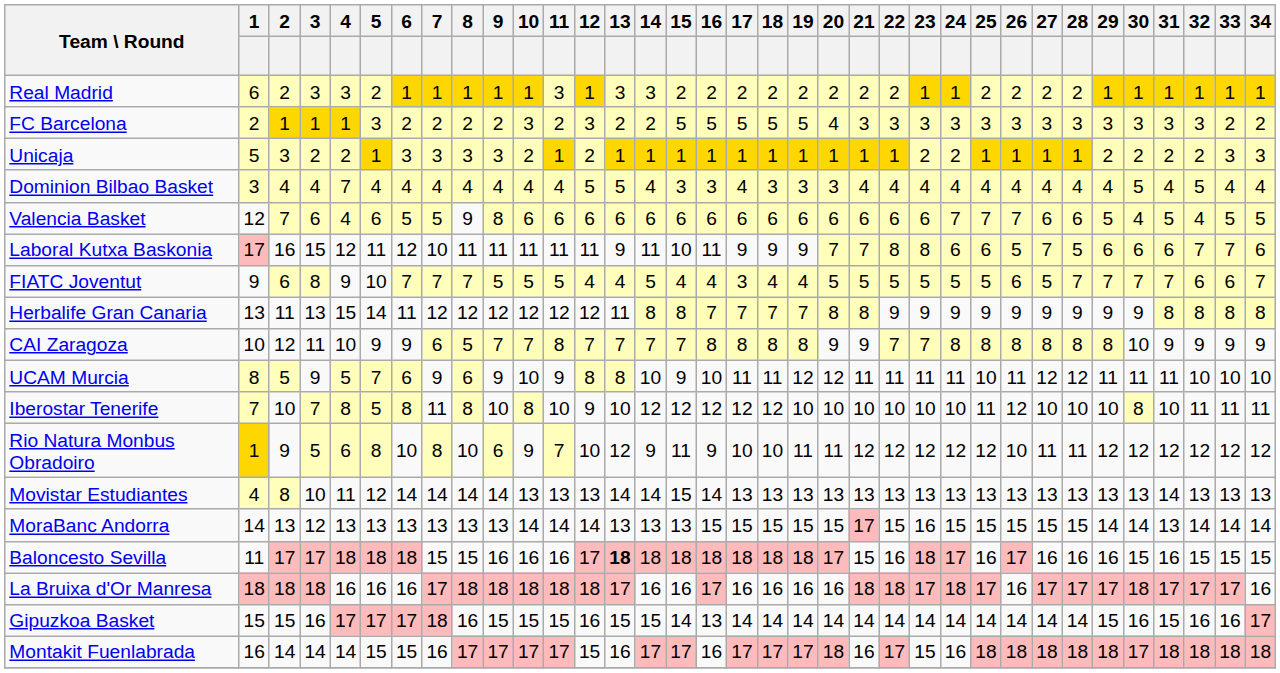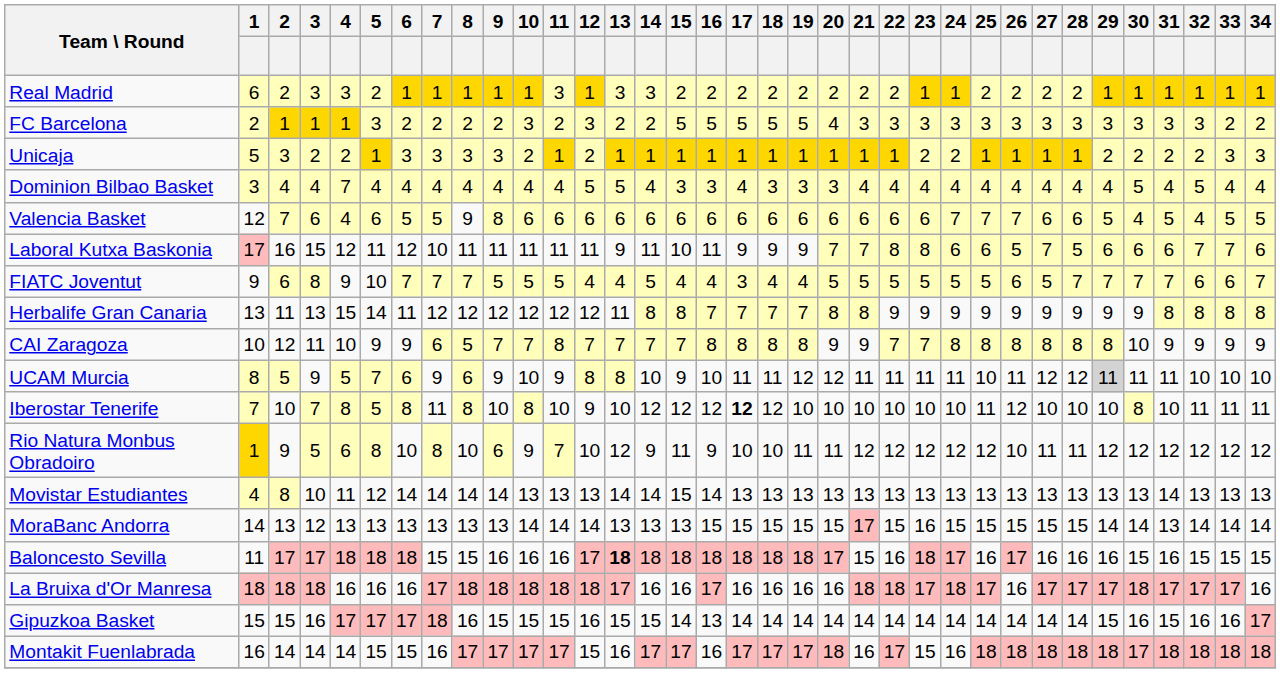 <table class="wikitable sortable" style="font-size: 80%; text-align:center;">
 <tr>
 <th rowspan="2" style="width:150px;">Team \ Round</th>
 <th align=center>1</th>
 <th align=center>2</th>
 <th align=center>3</th>
 <th align=center>4</th>
 <th align=center>5</th>
 <th align=center>6</th>
 <th align=center>7</th>
 <th align=center>8</th>
 <th align=center>9</th>
 <th align=center>10</th>
 <th align=center>11</th>
 <th align=center>12</th>
 <th align=center>13</th>
 <th align=center>14</th>
 <th align=center>15</th>
 <th align=center>16</th>
 <th align=center>17</th>
 <th align=center>18</th>
 <th align=center>19</th>
 <th align=center>20</th>
 <th align=center>21</th>
 <th align=center>22</th>
 <th align=center>23</th>
 <th align=center>24</th>
 <th align=center>25</th>
 <th align=center>26</th>
 <th align=center>27</th>
 <th align=center>28</th>
 <th align=center>29</th>
 <th align=center>30</th>
 <th align=center>31</th>
 <th align=center>32</th>
 <th align=center>33</th>
 <th align=center>34</th>
 </tr>
 <tr>
 <th style="text-align:center; height:20px;"></th>
 <th align=center></th>
 <th align=center></th>
 <th align=center></th>
 <th align=center></th>
 <th align=center></th>
 <th align=center></th>
 <th align=center></th>
 <th align=center></th>
 <th align=center></th>
 <th align=center></th>
 <th align=center></th>
 <th align=center></th>
 <th align=center></th>
 <th align=center></th>
 <th align=center></th>
 <th align=center></th>
 <th align=center></th>
 <th align=center></th>
 <th align=center></th>
 <th align=center></th>
 <th align=center></th>
 <th align=center></th>
 <th align=center></th>
 <th align=center></th>
 <th align=center></th>
 <th align=center></th>
 <th align=center></th>
 <th align=center></th>
 <th align=center></th>
 <th align=center></th>
 <th align=center></th>
 <th align=center></th>
 <th align=center></th>
 </tr>
 <tr>
 <td align=left><a href='#'>Real Madrid</a></td>
 <td style="background:#FFFFBB">6</td>
 <td style="background:#FFFFBB">2</td>
 <td style="background:#FFFFBB">3</td>
 <td style="background:#FFFFBB">3</td>
 <td style="background:#FFFFBB">2</td>
 <td style="background:gold">1</td>
 <td style="background:gold">1</td>
 <td style="background:gold">1</td>
 <td style="background:gold">1</td>
 <td style="background:gold">1</td>
 <td style="background:#FFFFBB">3</td>
 <td style="background:gold">1</td>
 <td style="background:#FFFFBB">3</td>
 <td style="background:#FFFFBB">3</td>
 <td style="background:#FFFFBB">2</td>
 <td style="background:#FFFFBB">2</td>
 <td style="background:#FFFFBB">2</td>
 <td style="background:#FFFFBB">2</td>
 <td style="background:#FFFFBB">2</td>
 <td style="background:#FFFFBB">2</td>
 <td style="background:#FFFFBB">2</td>
 <td style="background:#FFFFBB">2</td>
 <td style="background:gold">1</td>
 <td style="background:gold">1</td>
 <td style="background:#FFFFBB">2</td>
 <td style="background:#FFFFBB">2</td>
 <td style="background:#FFFFBB">2</td>
 <td style="background:#FFFFBB">2</td>
 <td style="background:gold">1</td>
 <td style="background:gold">1</td>
 <td style="background:gold">1</td>
 <td style="background:gold">1</td>
 <td style="background:gold">1</td>
 <td style="background:gold">1</td>
 </tr>
 <tr>
 <td align=left><a href='#'>FC Barcelona</a></td>
 <td style="background:#FFFFBB">2</td>
 <td style="background:gold">1</td>
 <td style="background:gold">1</td>
 <td style="background:gold">1</td>
 <td style="background:#FFFFBB">3</td>
 <td style="background:#FFFFBB">2</td>
 <td style="background:#FFFFBB">2</td>
 <td style="background:#FFFFBB">2</td>
 <td style="background:#FFFFBB">2</td>
 <td style="background:#FFFFBB">3</td>
 <td style="background:#FFFFBB">2</td>
 <td style="background:#FFFFBB">3</td>
 <td style="background:#FFFFBB">2</td>
 <td style="background:#FFFFBB">2</td>
 <td style="background:#FFFFBB">5</td>
 <td style="background:#FFFFBB">5</td>
 <td style="background:#FFFFBB">5</td>
 <td style="background:#FFFFBB">5</td>
 <td style="background:#FFFFBB">5</td>
 <td style="background:#FFFFBB">4</td>
 <td style="background:#FFFFBB">3</td>
 <td style="background:#FFFFBB">3</td>
 <td style="background:#FFFFBB">3</td>
 <td style="background:#FFFFBB">3</td>
 <td style="background:#FFFFBB">3</td>
 <td style="background:#FFFFBB">3</td>
 <td style="background:#FFFFBB">3</td>
 <td style="background:#FFFFBB">3</td>
 <td style="background:#FFFFBB">3</td>
 <td style="background:#FFFFBB">3</td>
 <td style="background:#FFFFBB">3</td>
 <td style="background:#FFFFBB">3</td>
 <td style="background:#FFFFBB">2</td>
 <td style="background:#FFFFBB">2</td>
 </tr>
 <tr>
 <td align=left><a href='#'>Unicaja</a></td>
 <td style="background:#FFFFBB">5</td>
 <td style="background:#FFFFBB">3</td>
 <td style="background:#FFFFBB">2</td>
 <td style="background:#FFFFBB">2</td>
 <td style="background:gold">1</td>
 <td style="background:#FFFFBB">3</td>
 <td style="background:#FFFFBB">3</td>
 <td style="background:#FFFFBB">3</td>
 <td style="background:#FFFFBB">3</td>
 <td style="background:#FFFFBB">2</td>
 <td style="background:gold">1</td>
 <td style="background:#FFFFBB">2</td>
 <td style="background:gold">1</td>
 <td style="background:gold">1</td>
 <td style="background:gold">1</td>
 <td style="background:gold">1</td>
 <td style="background:gold">1</td>
 <td style="background:gold">1</td>
 <td style="background:gold">1</td>
 <td style="background:gold">1</td>
 <td style="background:gold">1</td>
 <td style="background:gold">1</td>
 <td style="background:#FFFFBB">2</td>
 <td style="background:#FFFFBB">2</td>
 <td style="background:gold">1</td>
 <td style="background:gold">1</td>
 <td style="background:gold">1</td>
 <td style="background:gold">1</td>
 <td style="background:#FFFFBB">2</td>
 <td style="background:#FFFFBB">2</td>
 <td style="background:#FFFFBB">2</td>
 <td style="background:#FFFFBB">2</td>
 <td style="background:#FFFFBB">3</td>
 <td style="background:#FFFFBB">3</td>
 </tr>
 <tr>
 <td align=left><a href='#'>Dominion Bilbao Basket</a></td>
 <td style="background:#FFFFBB">3</td>
 <td style="background:#FFFFBB">4</td>
 <td style="background:#FFFFBB">4</td>
 <td style="background:#FFFFBB">7</td>
 <td style="background:#FFFFBB">4</td>
 <td style="background:#FFFFBB">4</td>
 <td style="background:#FFFFBB">4</td>
 <td style="background:#FFFFBB">4</td>
 <td style="background:#FFFFBB">4</td>
 <td style="background:#FFFFBB">4</td>
 <td style="background:#FFFFBB">4</td>
 <td style="background:#FFFFBB">5</td>
 <td style="background:#FFFFBB">5</td>
 <td style="background:#FFFFBB">4</td>
 <td style="background:#FFFFBB">3</td>
 <td style="background:#FFFFBB">3</td>
 <td style="background:#FFFFBB">4</td>
 <td style="background:#FFFFBB">3</td>
 <td style="background:#FFFFBB">3</td>
 <td style="background:#FFFFBB">3</td>
 <td style="background:#FFFFBB">4</td>
 <td style="background:#FFFFBB">4</td>
 <td style="background:#FFFFBB">4</td>
 <td style="background:#FFFFBB">4</td>
 <td style="background:#FFFFBB">4</td>
 <td style="background:#FFFFBB">4</td>
 <td style="background:#FFFFBB">4</td>
 <td style="background:#FFFFBB">4</td>
 <td style="background:#FFFFBB">4</td>
 <td style="background:#FFFFBB">5</td>
 <td style="background:#FFFFBB">4</td>
 <td style="background:#FFFFBB">5</td>
 <td style="background:#FFFFBB">4</td>
 <td style="background:#FFFFBB">4</td>
 </tr>
 <tr>
 <td align=left><a href='#'>Valencia Basket</a></td>
 <td>12</td>
 <td style="background:#FFFFBB">7</td>
 <td style="background:#FFFFBB">6</td>
 <td style="background:#FFFFBB">4</td>
 <td style="background:#FFFFBB">6</td>
 <td style="background:#FFFFBB">5</td>
 <td style="background:#FFFFBB">5</td>
 <td>9</td>
 <td style="background:#FFFFBB">8</td>
 <td style="background:#FFFFBB">6</td>
 <td style="background:#FFFFBB">6</td>
 <td style="background:#FFFFBB">6</td>
 <td style="background:#FFFFBB">6</td>
 <td style="background:#FFFFBB">6</td>
 <td style="background:#FFFFBB">6</td>
 <td style="background:#FFFFBB">6</td>
 <td style="background:#FFFFBB">6</td>
 <td style="background:#FFFFBB">6</td>
 <td style="background:#FFFFBB">6</td>
 <td style="background:#FFFFBB">6</td>
 <td style="background:#FFFFBB">6</td>
 <td style="background:#FFFFBB">6</td>
 <td style="background:#FFFFBB">6</td>
 <td style="background:#FFFFBB">7</td>
 <td style="background:#FFFFBB">7</td>
 <td style="background:#FFFFBB">7</td>
 <td style="background:#FFFFBB">6</td>
 <td style="background:#FFFFBB">6</td>
 <td style="background:#FFFFBB">5</td>
 <td style="background:#FFFFBB">4</td>
 <td style="background:#FFFFBB">5</td>
 <td style="background:#FFFFBB">4</td>
 <td style="background:#FFFFBB">5</td>
 <td style="background:#FFFFBB">5</td>
 </tr>
 <tr>
 <td align=left><a href='#'>Laboral Kutxa Baskonia</a></td>
 <td style="background:#FFBBBB">17</td>
 <td>16</td>
 <td>15</td>
 <td>12</td>
 <td>11</td>
 <td>12</td>
 <td>10</td>
 <td>11</td>
 <td>11</td>
 <td>11</td>
 <td>11</td>
 <td>11</td>
 <td>9</td>
 <td>11</td>
 <td>10</td>
 <td>11</td>
 <td>9</td>
 <td>9</td>
 <td>9</td>
 <td style="background:#FFFFBB">7</td>
 <td style="background:#FFFFBB">7</td>
 <td style="background:#FFFFBB">8</td>
 <td style="background:#FFFFBB">8</td>
 <td style="background:#FFFFBB">6</td>
 <td style="background:#FFFFBB">6</td>
 <td style="background:#FFFFBB">5</td>
 <td style="background:#FFFFBB">7</td>
 <td style="background:#FFFFBB">5</td>
 <td style="background:#FFFFBB">6</td>
 <td style="background:#FFFFBB">6</td>
 <td style="background:#FFFFBB">6</td>
 <td style="background:#FFFFBB">7</td>
 <td style="background:#FFFFBB">7</td>
 <td style="background:#FFFFBB">6</td>
 </tr>
 <tr>
 <td align=left><a href='#'>FIATC Joventut</a></td>
 <td>9</td>
 <td style="background:#FFFFBB">6</td>
 <td style="background:#FFFFBB">8</td>
 <td>9</td>
 <td>10</td>
 <td style="background:#FFFFBB">7</td>
 <td style="background:#FFFFBB">7</td>
 <td style="background:#FFFFBB">7</td>
 <td style="background:#FFFFBB">5</td>
 <td style="background:#FFFFBB">5</td>
 <td style="background:#FFFFBB">5</td>
 <td style="background:#FFFFBB">4</td>
 <td style="background:#FFFFBB">4</td>
 <td style="background:#FFFFBB">5</td>
 <td style="background:#FFFFBB">4</td>
 <td style="background:#FFFFBB">4</td>
 <td style="background:#FFFFBB">3</td>
 <td style="background:#FFFFBB">4</td>
 <td style="background:#FFFFBB">4</td>
 <td style="background:#FFFFBB">5</td>
 <td style="background:#FFFFBB">5</td>
 <td style="background:#FFFFBB">5</td>
 <td style="background:#FFFFBB">5</td>
 <td style="background:#FFFFBB">5</td>
 <td style="background:#FFFFBB">5</td>
 <td style="background:#FFFFBB">6</td>
 <td style="background:#FFFFBB">5</td>
 <td style="background:#FFFFBB">7</td>
 <td style="background:#FFFFBB">7</td>
 <td style="background:#FFFFBB">7</td>
 <td style="background:#FFFFBB">7</td>
 <td style="background:#FFFFBB">6</td>
 <td style="background:#FFFFBB">6</td>
 <td style="background:#FFFFBB">7</td>
 </tr>
 <tr>
 <td align=left><a href='#'>Herbalife Gran Canaria</a></td>
 <td>13</td>
 <td>11</td>
 <td>13</td>
 <td>15</td>
 <td>14</td>
 <td>11</td>
 <td>12</td>
 <td>12</td>
 <td>12</td>
 <td>12</td>
 <td>12</td>
 <td>12</td>
 <td>11</td>
 <td style="background:#FFFFBB">8</td>
 <td style="background:#FFFFBB">8</td>
 <td style="background:#FFFFBB">7</td>
 <td style="background:#FFFFBB">7</td>
 <td style="background:#FFFFBB">7</td>
 <td style="background:#FFFFBB">7</td>
 <td style="background:#FFFFBB">8</td>
 <td style="background:#FFFFBB">8</td>
 <td>9</td>
 <td>9</td>
 <td>9</td>
 <td>9</td>
 <td>9</td>
 <td>9</td>
 <td>9</td>
 <td>9</td>
 <td>9</td>
 <td style="background:#FFFFBB">8</td>
 <td style="background:#FFFFBB">8</td>
 <td style="background:#FFFFBB">8</td>
 <td style="background:#FFFFBB">8</td>
 </tr>
 <tr>
 <td align=left><a href='#'>CAI Zaragoza</a></td>
 <td>10</td>
 <td>12</td>
 <td>11</td>
 <td>10</td>
 <td>9</td>
 <td>9</td>
 <td style="background:#FFFFBB">6</td>
 <td style="background:#FFFFBB">5</td>
 <td style="background:#FFFFBB">7</td>
 <td style="background:#FFFFBB">7</td>
 <td style="background:#FFFFBB">8</td>
 <td style="background:#FFFFBB">7</td>
 <td style="background:#FFFFBB">7</td>
 <td style="background:#FFFFBB">7</td>
 <td style="background:#FFFFBB">7</td>
 <td style="background:#FFFFBB">8</td>
 <td style="background:#FFFFBB">8</td>
 <td style="background:#FFFFBB">8</td>
 <td style="background:#FFFFBB">8</td>
 <td>9</td>
 <td>9</td>
 <td style="background:#FFFFBB">7</td>
 <td style="background:#FFFFBB">7</td>
 <td style="background:#FFFFBB">8</td>
 <td style="background:#FFFFBB">8</td>
 <td style="background:#FFFFBB">8</td>
 <td style="background:#FFFFBB">8</td>
 <td style="background:#FFFFBB">8</td>
 <td style="background:#FFFFBB">8</td>
 <td>10</td>
 <td>9</td>
 <td>9</td>
 <td>9</td>
 <td>9</td>
 </tr>
 <tr>
 <td align=left><a href='#'>UCAM Murcia</a></td>
 <td style="background:#FFFFBB">8</td>
 <td style="background:#FFFFBB">5</td>
 <td>9</td>
 <td style="background:#FFFFBB">5</td>
 <td style="background:#FFFFBB">7</td>
 <td style="background:#FFFFBB">6</td>
 <td>9</td>
 <td style="background:#FFFFBB">6</td>
 <td>9</td>
 <td>10</td>
 <td>9</td>
 <td style="background:#FFFFBB">8</td>
 <td style="background:#FFFFBB">8</td>
 <td>10</td>
 <td>9</td>
 <td>10</td>
 <td>11</td>
 <td>11</td>
 <td>12</td>
 <td>12</td>
 <td>11</td>
 <td>11</td>
 <td>11</td>
 <td>11</td>
 <td>10</td>
 <td>11</td>
 <td>12</td>
 <td>12</td>
-<td>11</td>
+<td style="background: lightgrey;">11</td>
 <td>11</td>
 <td>11</td>
 <td>10</td>
 <td>10</td>
 <td>10</td>
 </tr>
 <tr>
 <td align=left><a href='#'>Iberostar Tenerife</a></td>
 <td style="background:#FFFFBB">7</td>
 <td>10</td>
 <td style="background:#FFFFBB">7</td>
 <td style="background:#FFFFBB">8</td>
 <td style="background:#FFFFBB">5</td>
 <td style="background:#FFFFBB">8</td>
 <td>11</td>
 <td style="background:#FFFFBB">8</td>
 <td>10</td>
 <td style="background:#FFFFBB">8</td>
 <td>10</td>
 <td>9</td>
 <td>10</td>
 <td>12</td>
 <td>12</td>
 <td>12</td>
-<td>12</td>
+<td><strong>12</strong></td>
 <td>12</td>
 <td>10</td>
 <td>10</td>
 <td>10</td>
 <td>10</td>
 <td>10</td>
 <td>10</td>
 <td>11</td>
 <td>12</td>
 <td>10</td>
 <td>10</td>
 <td>10</td>
 <td style="background:#FFFFBB">8</td>
 <td>10</td>
 <td>11</td>
 <td>11</td>
 <td>11</td>
 </tr>
 <tr>
 <td align=left><a href='#'>Rio Natura Monbus Obradoiro</a></td>
 <td style="background:gold">1</td>
 <td>9</td>
 <td style="background:#FFFFBB">5</td>
 <td style="background:#FFFFBB">6</td>
 <td style="background:#FFFFBB">8</td>
 <td>10</td>
 <td style="background:#FFFFBB">8</td>
 <td>10</td>
 <td style="background:#FFFFBB">6</td>
 <td>9</td>
 <td style="background:#FFFFBB">7</td>
 <td>10</td>
 <td>12</td>
 <td>9</td>
 <td>11</td>
 <td>9</td>
 <td>10</td>
 <td>10</td>
 <td>11</td>
 <td>11</td>
 <td>12</td>
 <td>12</td>
 <td>12</td>
 <td>12</td>
 <td>12</td>
 <td>10</td>
 <td>11</td>
 <td>11</td>
 <td>12</td>
 <td>12</td>
 <td>12</td>
 <td>12</td>
 <td>12</td>
 <td>12</td>
 </tr>
 <tr>
 <td align=left><a href='#'>Movistar Estudiantes</a></td>
 <td style="background:#FFFFBB">4</td>
 <td style="background:#FFFFBB">8</td>
 <td>10</td>
 <td>11</td>
 <td>12</td>
 <td>14</td>
 <td>14</td>
 <td>14</td>
 <td>14</td>
 <td>13</td>
 <td>13</td>
 <td>13</td>
 <td>14</td>
 <td>14</td>
 <td>15</td>
 <td>14</td>
 <td>13</td>
 <td>13</td>
 <td>13</td>
 <td>13</td>
 <td>13</td>
 <td>13</td>
 <td>13</td>
 <td>13</td>
 <td>13</td>
 <td>13</td>
 <td>13</td>
 <td>13</td>
 <td>13</td>
 <td>13</td>
 <td>14</td>
 <td>13</td>
 <td>13</td>
 <td>13</td>
 </tr>
 <tr>
 <td align=left><a href='#'>MoraBanc Andorra</a></td>
 <td>14</td>
 <td>13</td>
 <td>12</td>
 <td>13</td>
 <td>13</td>
 <td>13</td>
 <td>13</td>
 <td>13</td>
 <td>13</td>
 <td>14</td>
 <td>14</td>
 <td>14</td>
 <td>13</td>
 <td>13</td>
 <td>13</td>
 <td>15</td>
 <td>15</td>
 <td>15</td>
 <td>15</td>
 <td>15</td>
 <td style="background:#FFBBBB">17</td>
 <td>15</td>
 <td>16</td>
 <td>15</td>
 <td>15</td>
 <td>15</td>
 <td>15</td>
 <td>15</td>
 <td>14</td>
 <td>14</td>
 <td>13</td>
 <td>14</td>
 <td>14</td>
 <td>14</td>
 </tr>
 <tr>
 <td align=left><a href='#'>Baloncesto Sevilla</a></td>
 <td>11</td>
 <td style="background:#FFBBBB">17</td>
 <td style="background:#FFBBBB">17</td>
 <td style="background:#FFBBBB">18</td>
 <td style="background:#FFBBBB">18</td>
 <td style="background:#FFBBBB">18</td>
 <td>15</td>
 <td>15</td>
 <td>16</td>
 <td>16</td>
 <td>16</td>
 <td style="background:#FFBBBB">17</td>
 <td style="background:#FFBBBB"><strong>18</strong></td>
 <td style="background:#FFBBBB">18</td>
 <td style="background:#FFBBBB">18</td>
 <td style="background:#FFBBBB">18</td>
 <td style="background:#FFBBBB">18</td>
 <td style="background:#FFBBBB">18</td>
 <td style="background:#FFBBBB">18</td>
 <td style="background:#FFBBBB">17</td>
 <td>15</td>
 <td>16</td>
 <td style="background:#FFBBBB">18</td>
 <td style="background:#FFBBBB">17</td>
 <td>16</td>
 <td style="background:#FFBBBB">17</td>
 <td>16</td>
 <td>16</td>
 <td>16</td>
 <td>15</td>
 <td>16</td>
 <td>15</td>
 <td>15</td>
 <td>15</td>
 </tr>
 <tr>
 <td align=left><a href='#'>La Bruixa d'Or Manresa</a></td>
 <td style="background:#FFBBBB">18</td>
 <td style="background:#FFBBBB">18</td>
 <td style="background:#FFBBBB">18</td>
 <td>16</td>
 <td>16</td>
 <td>16</td>
 <td style="background:#FFBBBB">17</td>
 <td style="background:#FFBBBB">18</td>
 <td style="background:#FFBBBB">18</td>
 <td style="background:#FFBBBB">18</td>
 <td style="background:#FFBBBB">18</td>
 <td style="background:#FFBBBB">18</td>
 <td style="background:#FFBBBB">17</td>
 <td>16</td>
 <td>16</td>
 <td style="background:#FFBBBB">17</td>
 <td>16</td>
 <td>16</td>
 <td>16</td>
 <td>16</td>
 <td style="background:#FFBBBB">18</td>
 <td style="background:#FFBBBB">18</td>
 <td style="background:#FFBBBB">17</td>
 <td style="background:#FFBBBB">18</td>
 <td style="background:#FFBBBB">17</td>
 <td>16</td>
 <td style="background:#FFBBBB">17</td>
 <td style="background:#FFBBBB">17</td>
 <td style="background:#FFBBBB">17</td>
 <td style="background:#FFBBBB">18</td>
 <td style="background:#FFBBBB">17</td>
 <td style="background:#FFBBBB">17</td>
 <td style="background:#FFBBBB">17</td>
 <td>16</td>
 </tr>
 <tr>
 <td align=left><a href='#'>Gipuzkoa Basket</a></td>
 <td>15</td>
 <td>15</td>
 <td>16</td>
 <td style="background:#FFBBBB">17</td>
 <td style="background:#FFBBBB">17</td>
 <td style="background:#FFBBBB">17</td>
 <td style="background:#FFBBBB">18</td>
 <td>16</td>
 <td>15</td>
 <td>15</td>
 <td>15</td>
 <td>16</td>
 <td>15</td>
 <td>15</td>
 <td>14</td>
 <td>13</td>
 <td>14</td>
 <td>14</td>
 <td>14</td>
 <td>14</td>
 <td>14</td>
 <td>14</td>
 <td>14</td>
 <td>14</td>
 <td>14</td>
 <td>14</td>
 <td>14</td>
 <td>14</td>
 <td>15</td>
 <td>16</td>
 <td>15</td>
 <td>16</td>
 <td>16</td>
 <td style="background:#FFBBBB">17</td>
 </tr>
 <tr>
 <td align=left><a href='#'>Montakit Fuenlabrada</a></td>
 <td>16</td>
 <td>14</td>
 <td>14</td>
 <td>14</td>
 <td>15</td>
 <td>15</td>
 <td>16</td>
 <td style="background:#FFBBBB">17</td>
 <td style="background:#FFBBBB">17</td>
 <td style="background:#FFBBBB">17</td>
 <td style="background:#FFBBBB">17</td>
 <td>15</td>
 <td>16</td>
 <td style="background:#FFBBBB">17</td>
 <td style="background:#FFBBBB">17</td>
 <td>16</td>
 <td style="background:#FFBBBB">17</td>
 <td style="background:#FFBBBB">17</td>
 <td style="background:#FFBBBB">17</td>
 <td style="background:#FFBBBB">18</td>
 <td>16</td>
 <td style="background:#FFBBBB">17</td>
 <td>15</td>
 <td>16</td>
 <td style="background:#FFBBBB">18</td>
 <td style="background:#FFBBBB">18</td>
 <td style="background:#FFBBBB">18</td>
 <td style="background:#FFBBBB">18</td>
 <td style="background:#FFBBBB">18</td>
 <td style="background:#FFBBBB">17</td>
 <td style="background:#FFBBBB">18</td>
 <td style="background:#FFBBBB">18</td>
 <td style="background:#FFBBBB">18</td>
 <td style="background:#FFBBBB">18</td>
 </tr>
 <tr>
 </tr>
 </table>
